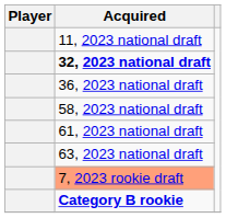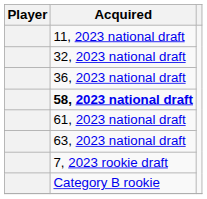 <table class="wikitable plainrowheaders">
 <tr>
 <th scope="col">Player</th>
 <th scope="col">Acquired</th>
 <th scope="col"></th>
 </tr>
 <tr>
 <th scope="row"></th>
 <td> 11, <a href='#'>2023 national draft</a></td>
 <td align="center" rowspan=8></td>
 </tr>
 <tr>
 <th scope="row"></th>
-<td><strong> 32, <a href='#'>2023 national draft</a></strong></td>
+<td> 32, <a href='#'>2023 national draft</a></td>
 </tr>
 <tr>
 <th scope="row"></th>
 <td> 36, <a href='#'>2023 national draft</a></td>
 </tr>
 <tr>
 <th scope="row"></th>
-<td> 58, <a href='#'>2023 national draft</a></td>
+<td><strong> 58, <a href='#'>2023 national draft</a></strong></td>
 </tr>
 <tr>
 <th scope="row"></th>
 <td> 61, <a href='#'>2023 national draft</a></td>
 </tr>
 <tr>
 <th scope="row"></th>
 <td> 63, <a href='#'>2023 national draft</a></td>
 </tr>
 <tr>
 <th scope="row"></th>
-<td style="background: lightsalmon;"> 7, <a href='#'>2023 rookie draft</a></td>
+<td> 7, <a href='#'>2023 rookie draft</a></td>
 </tr>
 <tr>
 <th scope="row"></th>
-<td><strong><a href='#'>Category B rookie</a></strong></td>
+<td><a href='#'>Category B rookie</a></td>
 </tr>
 <tr>
 </tr>
 </table>
